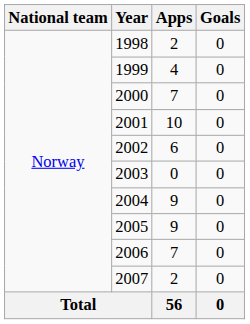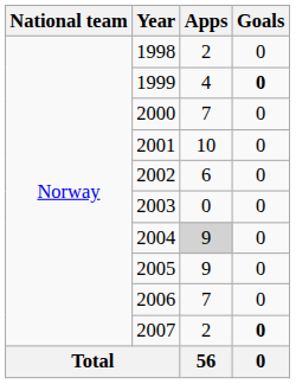 <table class="wikitable" style="text-align:center">
 <tr>
 <th>National team</th>
 <th>Year</th>
 <th>Apps</th>
 <th>Goals</th>
 </tr>
 <tr>
 <td rowspan="10"><a href='#'>Norway</a></td>
 <td>1998</td>
 <td>2</td>
 <td>0</td>
 </tr>
 <tr>
 <td>1999</td>
 <td>4</td>
-<td>0</td>
+<td><strong>0</strong></td>
 </tr>
 <tr>
 <td>2000</td>
 <td>7</td>
 <td>0</td>
 </tr>
 <tr>
 <td>2001</td>
 <td>10</td>
 <td>0</td>
 </tr>
 <tr>
 <td>2002</td>
 <td>6</td>
 <td>0</td>
 </tr>
 <tr>
 <td>2003</td>
 <td>0</td>
 <td>0</td>
 </tr>
 <tr>
 <td>2004</td>
-<td>9</td>
+<td style="background: lightgrey;">9</td>
 <td>0</td>
 </tr>
 <tr>
 <td>2005</td>
 <td>9</td>
 <td>0</td>
 </tr>
 <tr>
 <td>2006</td>
 <td>7</td>
 <td>0</td>
 </tr>
 <tr>
 <td>2007</td>
 <td>2</td>
-<td>0</td>
+<td><strong>0</strong></td>
 </tr>
 <tr>
 <th colspan="2">Total</th>
 <th>56</th>
 <th>0</th>
 </tr>
 </table>
